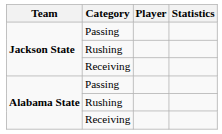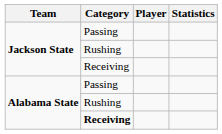 <table class="wikitable" style="float: right;">
 <tr>
 <th>Team</th>
 <th>Category</th>
 <th>Player</th>
 <th>Statistics</th>
 </tr>
 <tr>
 <td rowspan=3><strong>Jackson State</strong></td>
 <td>Passing</td>
 <td></td>
 <td></td>
 </tr>
 <tr>
 <td>Rushing</td>
 <td></td>
 <td></td>
 </tr>
 <tr>
 <td>Receiving</td>
 <td></td>
 <td></td>
 </tr>
 <tr>
 <td rowspan=3><strong>Alabama State</strong></td>
 <td>Passing</td>
 <td></td>
 <td></td>
 </tr>
 <tr>
 <td>Rushing</td>
 <td></td>
 <td></td>
 </tr>
 <tr>
-<td>Receiving</td>
+<td><strong>Receiving</strong></td>
 <td></td>
 <td></td>
 </tr>
 </table>
